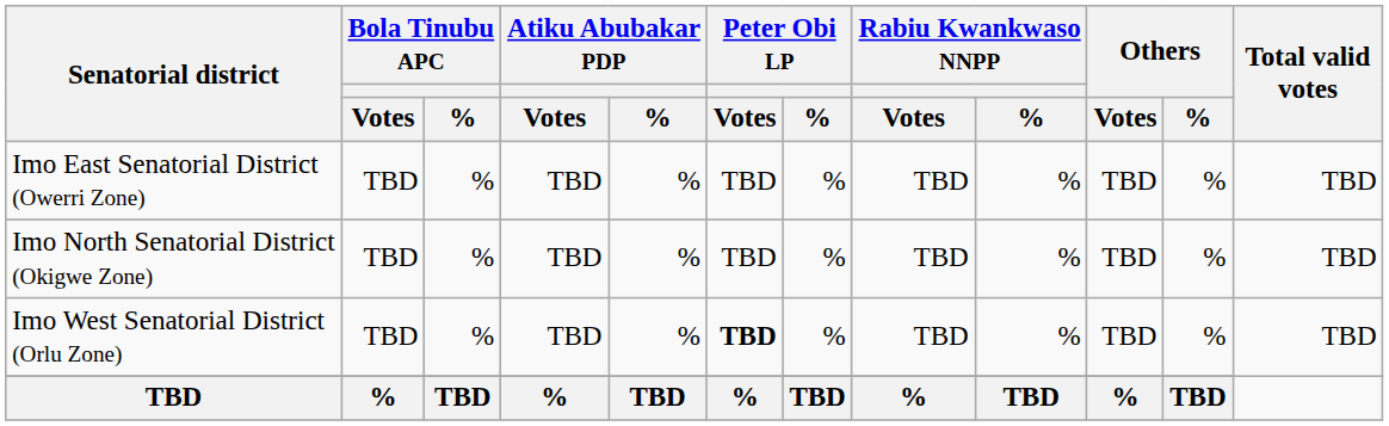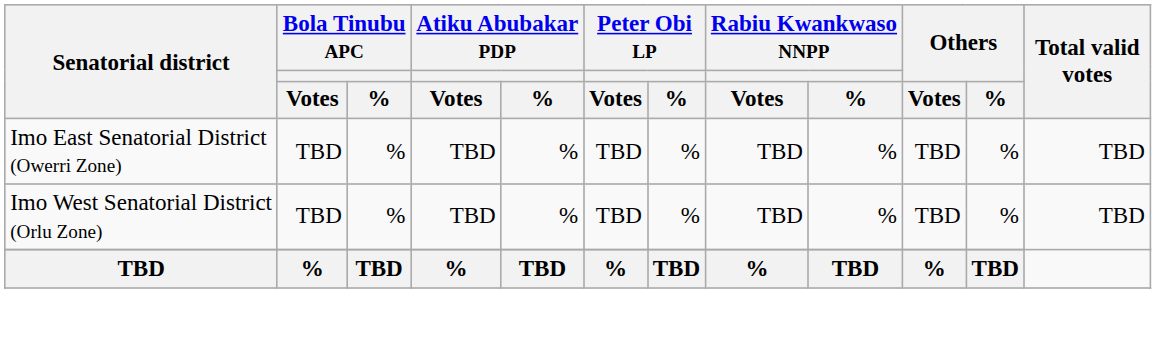 <table class="wikitable sortable" style="text-align:right; font-size:90%">
 <tr>
 <th rowspan="3" style="max-width:7.5em;">Senatorial district</th>
 <th colspan="2"><a href='#'>Bola Tinubu</a><br><small>APC</small></th>
 <th colspan="2"><a href='#'>Atiku Abubakar</a><br><small>PDP</small></th>
 <th colspan="2"><a href='#'>Peter Obi</a><br><small>LP</small></th>
 <th colspan="2"><a href='#'>Rabiu Kwankwaso</a><br><small>NNPP</small></th>
 <th colspan="2" rowspan="2">Others</th>
 <th rowspan="3" style="max-width:5em;">Total valid votes</th>
 </tr>
 <tr>
 <th colspan=2 style="background-color:"></th>
 <th colspan=2 style="background-color:"></th>
 <th colspan=2 style="background-color:"></th>
 <th colspan=2 style="background-color:"></th>
 </tr>
 <tr>
 <th>Votes</th>
 <th>%</th>
 <th>Votes</th>
 <th>%</th>
 <th>Votes</th>
 <th>%</th>
 <th>Votes</th>
 <th>%</th>
 <th>Votes</th>
 <th>%</th>
 </tr>
 <tr style="background-color:#">
 <td style="text-align:left;">Imo East Senatorial District<br><small>(Owerri Zone)</small></td>
 <td>TBD</td>
 <td>%</td>
 <td>TBD</td>
 <td>%</td>
 <td>TBD</td>
 <td>%</td>
 <td>TBD</td>
 <td>%</td>
 <td>TBD</td>
 <td>%</td>
 <td>TBD</td>
 </tr>
 <tr style="background-color:#">
-<td style="text-align:left;">Imo North Senatorial District<br><small>(Okigwe Zone)</small></td>
+<td style="text-align:left;">Imo West Senatorial District<br><small>(Orlu Zone)</small></td>
 <td>TBD</td>
 <td>%</td>
 <td>TBD</td>
 <td>%</td>
 <td>TBD</td>
-<td>%</td>
-<td>TBD</td>
-<td>%</td>
-<td>TBD</td>
-<td>%</td>
-<td>TBD</td>
-</tr>
-<tr style="background-color:#">
-<td style="text-align:left;">Imo West Senatorial District<br><small>(Orlu Zone)</small></td>
-<td>TBD</td>
-<td>%</td>
-<td>TBD</td>
-<td>%</td>
-<td><strong>TBD</strong></td>
 <td>%</td>
 <td>TBD</td>
 <td>%</td>
 <td>TBD</td>
 <td>%</td>
 <td>TBD</td>
 </tr>
 <tr>
 </tr>
 <tr>
 <th>TBD</th>
 <th>%</th>
 <th>TBD</th>
 <th>%</th>
 <th>TBD</th>
 <th>%</th>
 <th>TBD</th>
 <th>%</th>
 <th>TBD</th>
 <th>%</th>
 <th>TBD</th>
 </tr>
 </table>
